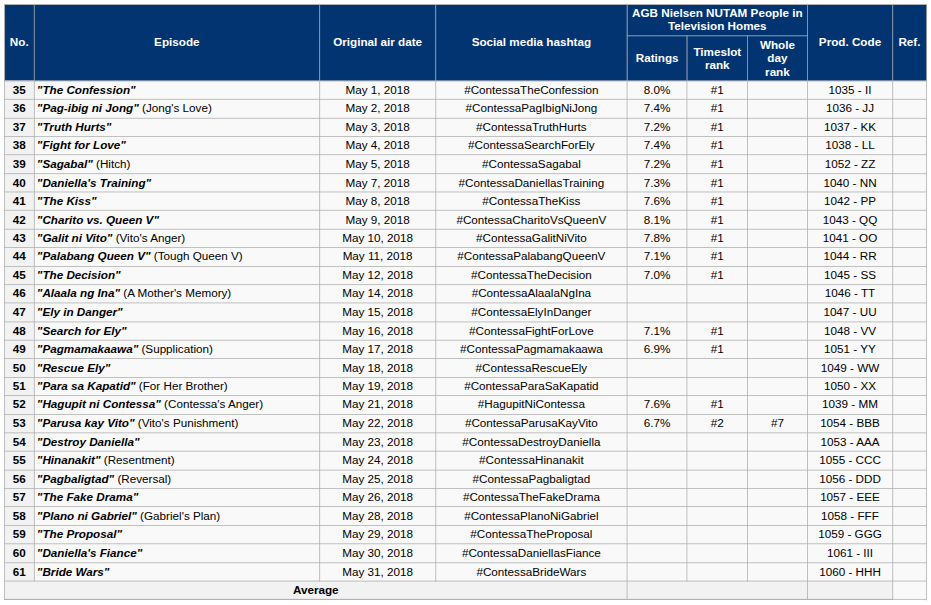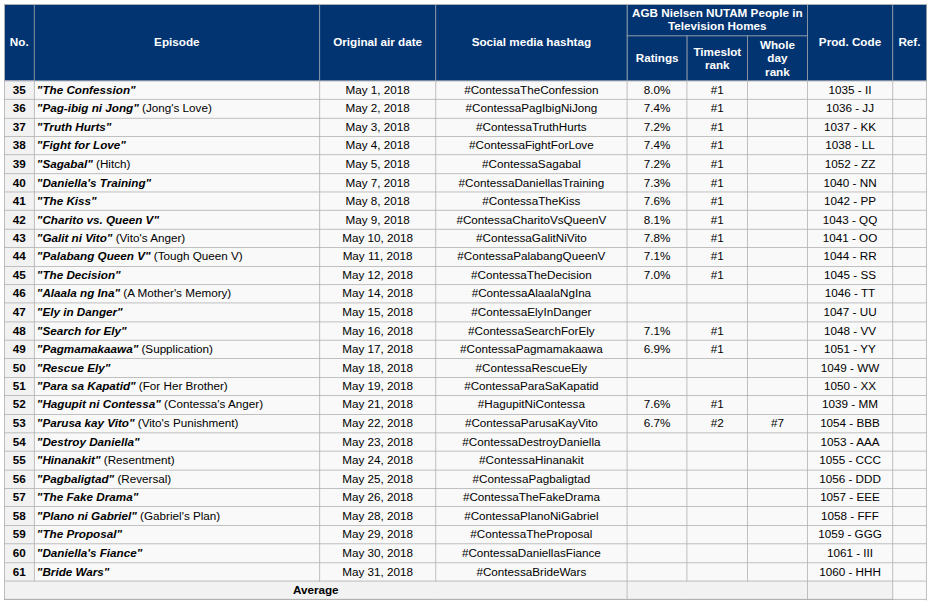 <table class="wikitable" style="text-align:center; font-size:100%; line-height:18px;" width="100%">
 <tr>
 <th style="background-color:#023472; color:#ffffff;" rowspan="2">No.</th>
 <th style="background-color:#023472; color:#ffffff;" rowspan="2">Episode</th>
 <th style="background-color:#023472; color:white" rowspan="2">Original air date</th>
 <th style="background-color:#023472; color:white" rowspan="2">Social media hashtag</th>
 <th style="background-color:#023472; color:#ffffff;" colspan="3">AGB Nielsen NUTAM People in Television Homes</th>
 <th style="background-color:#023472; color:white" rowspan="2">Prod. Code</th>
 <th style="background-color:#023472; color:#ffffff;" rowspan="2">Ref.</th>
 </tr>
 <tr>
 <th style="background-color:#023472; width:75px; color:#ffffff;">Ratings</th>
 <th style="background-color:#023472; width:75px; color:#ffffff;">Timeslot<br>rank</th>
 <th style="background-color:#023472; width:75px; color:#ffffff;">Whole day<br>rank</th>
 </tr>
 <tr>
 <th>35</th>
 <td style="text-align: left;"><strong><em>"The Confession"</em></strong></td>
 <td>May 1, 2018</td>
 <td>#ContessaTheConfession</td>
 <td>8.0%</td>
 <td>#1</td>
 <td></td>
 <td>1035 - II</td>
 <td></td>
 </tr>
 <tr>
 <th>36</th>
 <td style="text-align: left;"><strong><em>"Pag-ibig ni Jong"</em></strong> (Jong's Love)</td>
 <td>May 2, 2018</td>
 <td>#ContessaPagIbigNiJong</td>
 <td>7.4%</td>
 <td>#1</td>
 <td></td>
 <td>1036 - JJ</td>
 <td></td>
 </tr>
 <tr>
 <th>37</th>
 <td style="text-align: left;"><strong><em>"Truth Hurts"</em></strong></td>
 <td>May 3, 2018</td>
 <td>#ContessaTruthHurts</td>
 <td>7.2%</td>
 <td>#1</td>
 <td></td>
 <td>1037 - KK</td>
 <td></td>
 </tr>
 <tr>
 <th>38</th>
 <td style="text-align: left;"><strong><em>"Fight for Love"</em></strong></td>
 <td>May 4, 2018</td>
-<td>#ContessaSearchForEly</td>
+<td>#ContessaFightForLove</td>
 <td>7.4%</td>
 <td>#1</td>
 <td></td>
 <td>1038 - LL</td>
 <td></td>
 </tr>
 <tr>
 <th>39</th>
 <td style="text-align: left;"><strong><em>"Sagabal"</em></strong> (Hitch)</td>
 <td>May 5, 2018</td>
 <td>#ContessaSagabal</td>
 <td>7.2%</td>
 <td>#1</td>
 <td></td>
 <td>1052 - ZZ</td>
 <td></td>
 </tr>
 <tr>
 <th>40</th>
 <td style="text-align: left;"><strong><em>"Daniella's Training"</em></strong></td>
 <td>May 7, 2018</td>
 <td>#ContessaDaniellasTraining</td>
 <td>7.3%</td>
 <td>#1</td>
 <td></td>
 <td>1040 - NN</td>
 <td></td>
 </tr>
 <tr>
 <th>41</th>
 <td style="text-align: left;"><strong><em>"The Kiss"</em></strong></td>
 <td>May 8, 2018</td>
 <td>#ContessaTheKiss</td>
 <td>7.6%</td>
 <td>#1</td>
 <td></td>
 <td>1042 - PP</td>
 <td></td>
 </tr>
 <tr>
 <th>42</th>
 <td style="text-align: left;"><strong><em>"Charito vs. Queen V"</em></strong></td>
 <td>May 9, 2018</td>
 <td>#ContessaCharitoVsQueenV</td>
 <td>8.1%</td>
 <td>#1</td>
 <td></td>
 <td>1043 - QQ</td>
 <td></td>
 </tr>
 <tr>
 <th>43</th>
 <td style="text-align: left;"><strong><em>"Galit ni Vito"</em></strong> (Vito's Anger)</td>
 <td>May 10, 2018</td>
 <td>#ContessaGalitNiVito</td>
 <td>7.8%</td>
 <td>#1</td>
 <td></td>
 <td>1041 - OO</td>
 <td></td>
 </tr>
 <tr>
 <th>44</th>
 <td style="text-align: left;"><strong><em>"Palabang Queen V"</em></strong> (Tough Queen V)</td>
 <td>May 11, 2018</td>
 <td>#ContessaPalabangQueenV</td>
 <td>7.1%</td>
 <td>#1</td>
 <td></td>
 <td>1044 - RR</td>
 <td></td>
 </tr>
 <tr>
 <th>45</th>
 <td style="text-align: left;"><strong><em>"The Decision"</em></strong></td>
 <td>May 12, 2018</td>
 <td>#ContessaTheDecision</td>
 <td>7.0%</td>
 <td>#1</td>
 <td></td>
 <td>1045 - SS</td>
 <td></td>
 </tr>
 <tr>
 <th>46</th>
 <td style="text-align: left;"><strong><em>"Alaala ng Ina"</em></strong> (A Mother's Memory)</td>
 <td>May 14, 2018</td>
 <td>#ContessaAlaalaNgIna</td>
 <td></td>
 <td></td>
 <td></td>
 <td>1046 - TT</td>
 <td></td>
 </tr>
 <tr>
 <th>47</th>
 <td style="text-align: left;"><strong><em>"Ely in Danger"</em></strong></td>
 <td>May 15, 2018</td>
 <td>#ContessaElyInDanger</td>
 <td></td>
 <td></td>
 <td></td>
 <td>1047 - UU</td>
 <td></td>
 </tr>
 <tr>
 <th>48</th>
 <td style="text-align: left;"><strong><em>"Search for Ely"</em></strong></td>
 <td>May 16, 2018</td>
-<td>#ContessaFightForLove</td>
+<td>#ContessaSearchForEly</td>
 <td>7.1%</td>
 <td>#1</td>
 <td></td>
 <td>1048 - VV</td>
 <td></td>
 </tr>
 <tr>
 <th>49</th>
 <td style="text-align: left;"><strong><em>"Pagmamakaawa"</em></strong> (Supplication)</td>
 <td>May 17, 2018</td>
 <td>#ContessaPagmamakaawa</td>
 <td>6.9%</td>
 <td>#1</td>
 <td></td>
 <td>1051 - YY</td>
 <td></td>
 </tr>
 <tr>
 <th>50</th>
 <td style="text-align: left;"><strong><em>"Rescue Ely"</em></strong></td>
 <td>May 18, 2018</td>
 <td>#ContessaRescueEly</td>
 <td></td>
 <td></td>
 <td></td>
 <td>1049 - WW</td>
 <td></td>
 </tr>
 <tr>
 <th>51</th>
 <td style="text-align: left;"><strong><em>"Para sa Kapatid"</em></strong> (For Her Brother)</td>
 <td>May 19, 2018</td>
 <td>#ContessaParaSaKapatid</td>
 <td></td>
 <td></td>
 <td></td>
 <td>1050 - XX</td>
 <td></td>
 </tr>
 <tr>
 <th>52</th>
 <td style="text-align: left;"><strong><em>"Hagupit ni Contessa"</em></strong> (Contessa's Anger)</td>
 <td>May 21, 2018</td>
 <td>#HagupitNiContessa</td>
 <td>7.6%</td>
 <td>#1</td>
 <td></td>
 <td>1039 - MM</td>
 <td></td>
 </tr>
 <tr>
 <th>53</th>
 <td style="text-align: left;"><strong><em>"Parusa kay Vito"</em></strong> (Vito's Punishment)</td>
 <td>May 22, 2018</td>
 <td>#ContessaParusaKayVito</td>
 <td>6.7%</td>
 <td>#2</td>
 <td>#7</td>
 <td>1054 - BBB</td>
 <td></td>
 </tr>
 <tr>
 <th>54</th>
 <td style="text-align: left;"><strong><em>"Destroy Daniella"</em></strong></td>
 <td>May 23, 2018</td>
 <td>#ContessaDestroyDaniella</td>
 <td></td>
 <td></td>
 <td></td>
 <td>1053 - AAA</td>
 <td></td>
 </tr>
 <tr>
 <th>55</th>
 <td style="text-align: left;"><strong><em>"Hinanakit"</em></strong> (Resentment)</td>
 <td>May 24, 2018</td>
 <td>#ContessaHinanakit</td>
 <td></td>
 <td></td>
 <td></td>
 <td>1055 - CCC</td>
 <td></td>
 </tr>
 <tr>
 <th>56</th>
 <td style="text-align: left;"><strong><em>"Pagbaligtad"</em></strong> (Reversal)</td>
 <td>May 25, 2018</td>
 <td>#ContessaPagbaligtad</td>
 <td></td>
 <td></td>
 <td></td>
 <td>1056 - DDD</td>
 <td></td>
 </tr>
 <tr>
 <th>57</th>
 <td style="text-align: left;"><strong><em>"The Fake Drama"</em></strong></td>
 <td>May 26, 2018</td>
 <td>#ContessaTheFakeDrama</td>
 <td></td>
 <td></td>
 <td></td>
 <td>1057 - EEE</td>
 <td></td>
 </tr>
 <tr>
 <th>58</th>
 <td style="text-align: left;"><strong><em>"Plano ni Gabriel"</em></strong> (Gabriel's Plan)</td>
 <td>May 28, 2018</td>
 <td>#ContessaPlanoNiGabriel</td>
 <td></td>
 <td></td>
 <td></td>
 <td>1058 - FFF</td>
 <td></td>
 </tr>
 <tr>
 <th>59</th>
 <td style="text-align: left;"><strong><em>"The Proposal"</em></strong></td>
 <td>May 29, 2018</td>
 <td>#ContessaTheProposal</td>
 <td></td>
 <td></td>
 <td></td>
 <td>1059 - GGG</td>
 <td></td>
 </tr>
 <tr>
 <th>60</th>
 <td style="text-align: left;"><strong><em>"Daniella's Fiance"</em></strong></td>
 <td>May 30, 2018</td>
 <td>#ContessaDaniellasFiance</td>
 <td></td>
 <td></td>
 <td></td>
 <td>1061 - III</td>
 <td></td>
 </tr>
 <tr>
 <th>61</th>
 <td style="text-align: left;"><strong><em>"Bride Wars"</em></strong></td>
 <td>May 31, 2018</td>
 <td>#ContessaBrideWars</td>
 <td></td>
 <td></td>
 <td></td>
 <td>1060 - HHH</td>
 <td></td>
 </tr>
 <tr>
 <th colspan="4">Average</th>
 <th colspan="3"></th>
 <th></th>
 </tr>
 <tr>
 </tr>
 </table>
